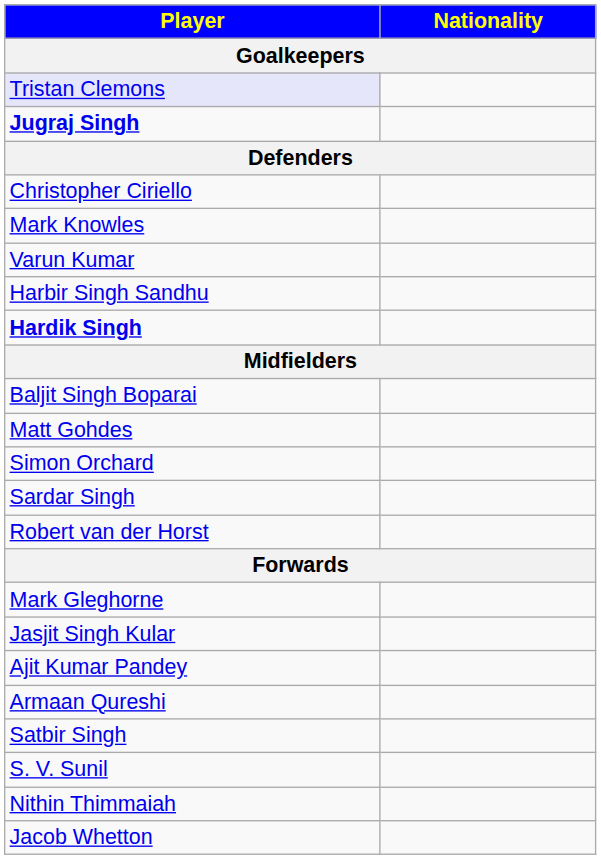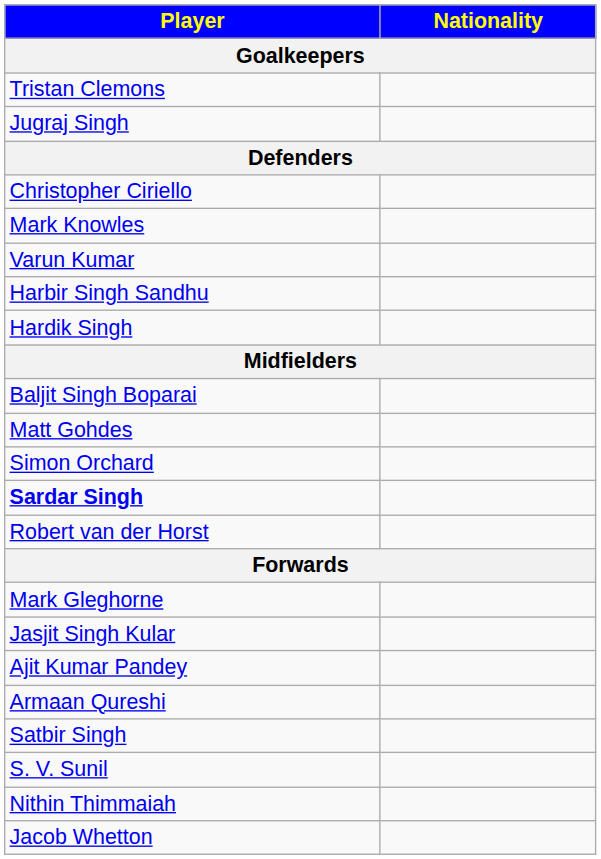 <table class="wikitable" style="width:35%; text-align:center;">
 <tr>
 <th width=35% style="background: #0000FF; color:#FFFF00">Player</th>
 <th width=20% style="background: #0000FF; color:#FFFF00">Nationality</th>
 </tr>
 <tr>
 <th colspan="4">Goalkeepers</th>
 </tr>
 <tr>
-<td style="background: lavender; text-align:left"><a href='#'>Tristan Clemons</a></td>
+<td style="text-align:left"><a href='#'>Tristan Clemons</a></td>
 <td style="text-align:left"></td>
 </tr>
 <tr>
-<td style="text-align:left"><strong><a href='#'>Jugraj Singh</a></strong></td>
+<td style="text-align:left"><a href='#'>Jugraj Singh</a></td>
 <td style="text-align:left"></td>
 </tr>
 <tr>
 <th colspan="4">Defenders</th>
 </tr>
 <tr>
 <td style="text-align:left"><a href='#'>Christopher Ciriello</a></td>
 <td style="text-align:left"></td>
 </tr>
 <tr>
 <td style="text-align:left"><a href='#'>Mark Knowles</a></td>
 <td style="text-align:left"></td>
 </tr>
 <tr>
 <td style="text-align:left"><a href='#'>Varun Kumar</a></td>
 <td style="text-align:left"></td>
 </tr>
 <tr>
 <td style="text-align:left"><a href='#'>Harbir Singh Sandhu</a></td>
 <td style="text-align:left"></td>
 </tr>
 <tr>
-<td style="text-align:left"><strong><a href='#'>Hardik Singh</a></strong></td>
+<td style="text-align:left"><a href='#'>Hardik Singh</a></td>
 <td style="text-align:left"></td>
 </tr>
 <tr>
 <th colspan="4">Midfielders</th>
 </tr>
 <tr>
 <td style="text-align:left"><a href='#'>Baljit Singh Boparai</a></td>
 <td style="text-align:left"></td>
 </tr>
 <tr>
 <td style="text-align:left"><a href='#'>Matt Gohdes</a></td>
 <td style="text-align:left"></td>
 </tr>
 <tr>
 <td style="text-align:left"><a href='#'>Simon Orchard</a></td>
 <td style="text-align:left"></td>
 </tr>
 <tr>
-<td style="text-align:left"><a href='#'>Sardar Singh</a></td>
+<td style="text-align:left"><strong><a href='#'>Sardar Singh</a></strong></td>
 <td style="text-align:left"></td>
 </tr>
 <tr>
 <td style="text-align:left"><a href='#'>Robert van der Horst</a></td>
 <td style="text-align:left"></td>
 </tr>
 <tr>
 <th colspan="4">Forwards</th>
 </tr>
 <tr>
 <td style="text-align:left"><a href='#'>Mark Gleghorne</a></td>
 <td style="text-align:left"></td>
 </tr>
 <tr>
 <td style="text-align:left"><a href='#'>Jasjit Singh Kular</a></td>
 <td style="text-align:left"></td>
 </tr>
 <tr>
 <td style="text-align:left"><a href='#'>Ajit Kumar Pandey</a></td>
 <td style="text-align:left"></td>
 </tr>
 <tr>
 <td style="text-align:left"><a href='#'>Armaan Qureshi</a></td>
 <td style="text-align:left"></td>
 </tr>
 <tr>
 <td style="text-align:left"><a href='#'>Satbir Singh</a></td>
 <td style="text-align:left"></td>
 </tr>
 <tr>
 <td style="text-align:left"><a href='#'>S. V. Sunil</a></td>
 <td style="text-align:left"></td>
 </tr>
 <tr>
 <td style="text-align:left"><a href='#'>Nithin Thimmaiah</a></td>
 <td style="text-align:left"></td>
 </tr>
 <tr>
 <td style="text-align:left"><a href='#'>Jacob Whetton</a></td>
 <td style="text-align:left"></td>
 </tr>
 </table>
